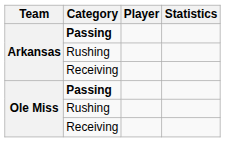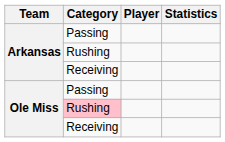 <table class="wikitable" style="float:right">
 <tr>
 <th>Team</th>
 <th>Category</th>
 <th>Player</th>
 <th>Statistics</th>
 </tr>
 <tr>
 <th rowspan=3>Arkansas</th>
-<td><strong>Passing</strong></td>
+<td>Passing</td>
 <td></td>
 <td></td>
 </tr>
 <tr>
 <td>Rushing</td>
 <td></td>
 <td></td>
 </tr>
 <tr>
 <td>Receiving</td>
 <td></td>
 <td></td>
 </tr>
 <tr>
 <th rowspan=3>Ole Miss</th>
-<td><strong>Passing</strong></td>
+<td>Passing</td>
 <td></td>
 <td></td>
 </tr>
 <tr>
-<td>Rushing</td>
+<td style="background: pink;">Rushing</td>
 <td></td>
 <td></td>
 </tr>
 <tr>
 <td>Receiving</td>
 <td></td>
 <td></td>
 </tr>
 </table>
